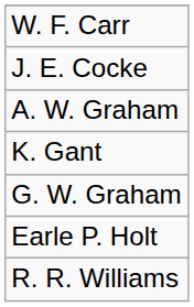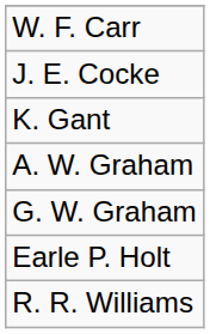 <table class="wikitable">
 <tr>
 </tr>
 <tr>
 <td>W. F. Carr</td>
 </tr>
 <tr>
 <td>J. E. Cocke</td>
 </tr>
 <tr>
-<td>A. W. Graham</td>
+<td>K. Gant</td>
 </tr>
 <tr>
-<td>K. Gant</td>
+<td>A. W. Graham</td>
 </tr>
 <tr>
 <td>G. W. Graham</td>
 </tr>
 <tr>
 <td>Earle P. Holt</td>
 </tr>
 <tr>
 <td>R. R. Williams</td>
 </tr>
 </table>
